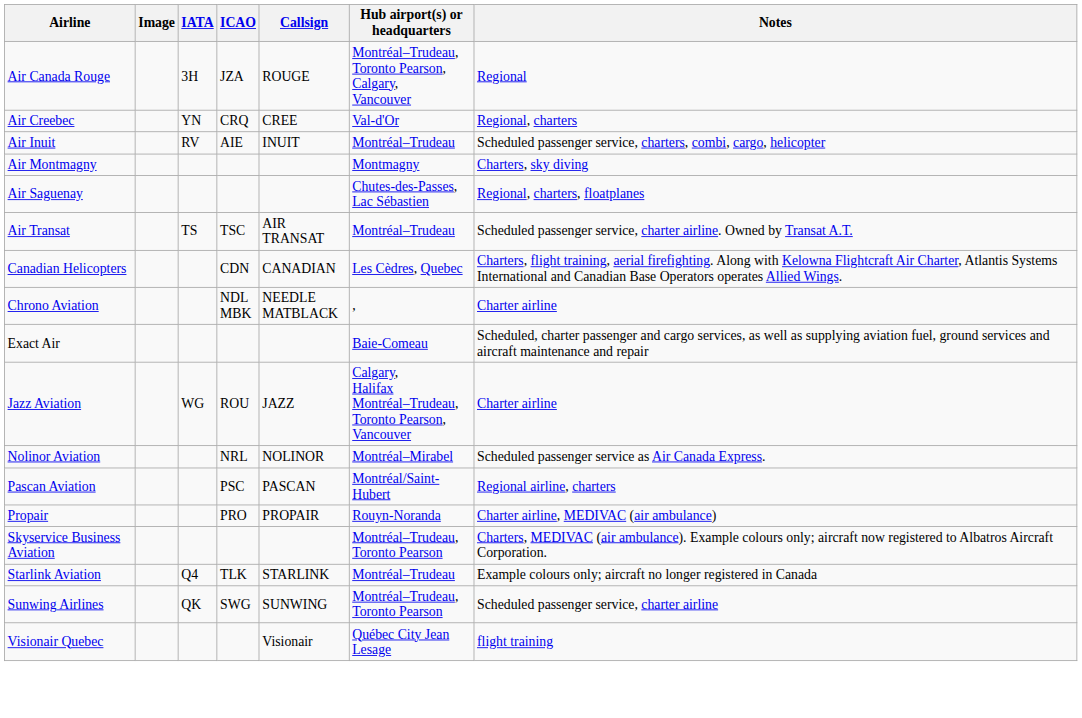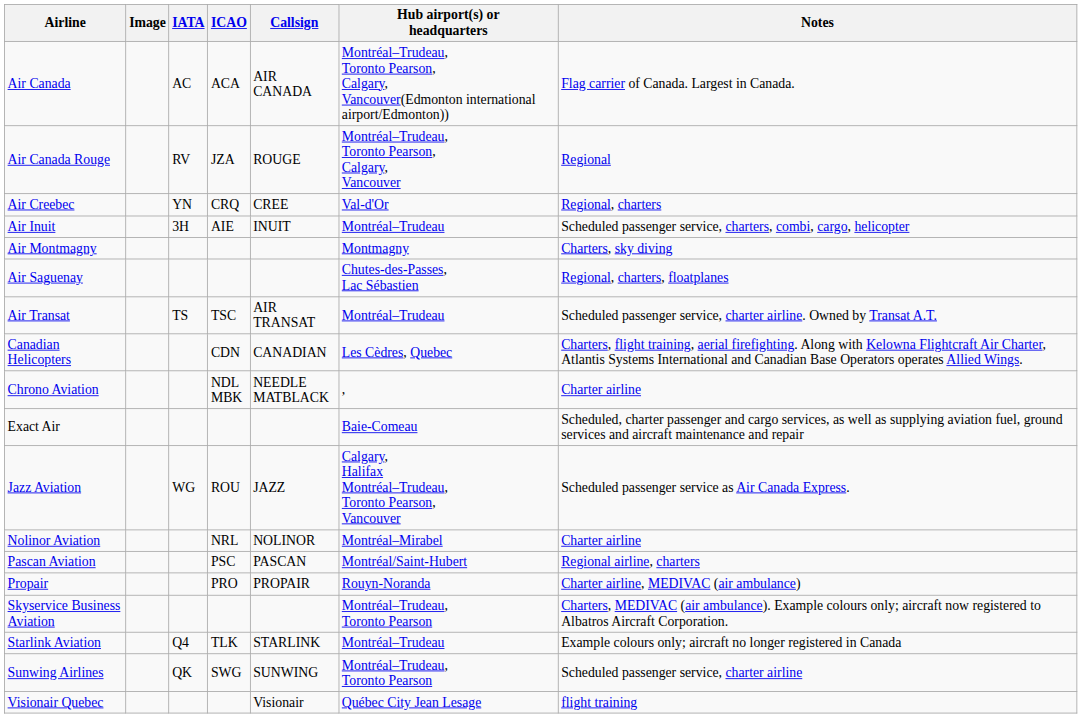 <table class="wikitable sortable" style="border: 0; cellpadding: 2; cellspacing: 3;">
 <tr style="vertical-align:middle;">
 <th>Airline</th>
 <th>Image</th>
 <th><a href='#'>IATA</a></th>
 <th><a href='#'>ICAO</a></th>
 <th><a href='#'>Callsign</a></th>
 <th>Hub airport(s) or<br>headquarters</th>
 <th class="unsortable">Notes</th>
 </tr>
 <tr>
+<td><a href='#'>Air Canada</a></td>
+<td></td>
+<td>AC</td>
+<td>ACA</td>
+<td>AIR CANADA</td>
+<td><a href='#'>Montréal–Trudeau</a>,<br><a href='#'>Toronto Pearson</a>,<br><a href='#'>Calgary</a>,<br><a href='#'>Vancouver</a>(Edmonton international airport/Edmonton))</td>
+<td><a href='#'>Flag carrier</a> of Canada. Largest in Canada.</td>
+</tr>
+<tr>
 <td><a href='#'>Air Canada Rouge</a></td>
 <td></td>
-<td>3H</td>
+<td>RV</td>
 <td>JZA</td>
 <td>ROUGE</td>
 <td><a href='#'>Montréal–Trudeau</a>,<br><a href='#'>Toronto Pearson</a>,<br><a href='#'>Calgary</a>,<br><a href='#'>Vancouver</a></td>
 <td><a href='#'>Regional</a></td>
 </tr>
 <tr>
 <td><a href='#'>Air Creebec</a></td>
 <td></td>
 <td>YN</td>
 <td>CRQ</td>
 <td>CREE</td>
 <td><a href='#'>Val-d'Or</a></td>
 <td><a href='#'>Regional</a>, <a href='#'>charters</a></td>
 </tr>
 <tr>
 <td><a href='#'>Air Inuit</a></td>
 <td></td>
-<td>RV</td>
+<td>3H</td>
 <td>AIE</td>
 <td>INUIT</td>
 <td><a href='#'>Montréal–Trudeau</a></td>
 <td>Scheduled passenger service, <a href='#'>charters</a>, <a href='#'>combi</a>, <a href='#'>cargo</a>, <a href='#'>helicopter</a></td>
 </tr>
 <tr>
 <td><a href='#'>Air Montmagny</a></td>
 <td></td>
 <td></td>
 <td></td>
 <td></td>
 <td><a href='#'>Montmagny</a></td>
 <td><a href='#'>Charters</a>, <a href='#'>sky diving</a></td>
 </tr>
 <tr>
 <td><a href='#'>Air Saguenay</a></td>
 <td></td>
 <td></td>
 <td></td>
 <td></td>
 <td><a href='#'>Chutes-des-Passes</a>,<br><a href='#'>Lac Sébastien</a></td>
 <td><a href='#'>Regional</a>, <a href='#'>charters</a>, <a href='#'>floatplanes</a></td>
 </tr>
 <tr>
 <td><a href='#'>Air Transat</a></td>
 <td></td>
 <td>TS</td>
 <td>TSC</td>
 <td>AIR TRANSAT</td>
 <td><a href='#'>Montréal–Trudeau</a></td>
 <td>Scheduled passenger service, <a href='#'>charter airline</a>. Owned by <a href='#'>Transat A.T.</a></td>
 </tr>
 <tr>
 <td><a href='#'>Canadian Helicopters</a></td>
 <td></td>
 <td></td>
 <td>CDN</td>
 <td>CANADIAN</td>
 <td><a href='#'>Les Cèdres</a>, <a href='#'>Quebec</a></td>
 <td><a href='#'>Charters</a>, <a href='#'>flight training</a>, <a href='#'>aerial firefighting</a>. Along with <a href='#'>Kelowna Flightcraft Air Charter</a>, Atlantis Systems International and Canadian Base Operators operates <a href='#'>Allied Wings</a>.</td>
 </tr>
 <tr>
 <td><a href='#'>Chrono Aviation</a></td>
 <td></td>
 <td></td>
 <td>NDL<br>MBK</td>
 <td>NEEDLE<br>MATBLACK</td>
 <td>,<br></td>
 <td><a href='#'>Charter airline</a></td>
 </tr>
 <tr>
 <td>Exact Air</td>
 <td></td>
 <td></td>
 <td></td>
 <td></td>
 <td><a href='#'>Baie-Comeau</a></td>
 <td>Scheduled, charter passenger and cargo services, as well as supplying aviation fuel, ground services and aircraft maintenance and repair</td>
 </tr>
 <tr>
 <td><a href='#'>Jazz Aviation</a></td>
 <td></td>
 <td>WG</td>
 <td>ROU</td>
 <td>JAZZ</td>
 <td><a href='#'>Calgary</a>,<br><a href='#'>Halifax</a><br><a href='#'>Montréal–Trudeau</a>,<br><a href='#'>Toronto Pearson</a>,<br><a href='#'>Vancouver</a></td>
-<td><a href='#'>Charter airline</a></td>
+<td>Scheduled passenger service as <a href='#'>Air Canada Express</a>.</td>
 </tr>
 <tr>
 <td><a href='#'>Nolinor Aviation</a></td>
 <td></td>
 <td></td>
 <td>NRL</td>
 <td>NOLINOR</td>
 <td><a href='#'>Montréal–Mirabel</a></td>
-<td>Scheduled passenger service as <a href='#'>Air Canada Express</a>.</td>
+<td><a href='#'>Charter airline</a></td>
 </tr>
 <tr>
 <td><a href='#'>Pascan Aviation</a></td>
 <td></td>
 <td></td>
 <td>PSC</td>
 <td>PASCAN</td>
 <td><a href='#'>Montréal/Saint-Hubert</a></td>
 <td><a href='#'>Regional airline</a>, <a href='#'>charters</a></td>
 </tr>
 <tr>
 <td><a href='#'>Propair</a></td>
 <td></td>
 <td></td>
 <td>PRO</td>
 <td>PROPAIR</td>
 <td><a href='#'>Rouyn-Noranda</a></td>
 <td><a href='#'>Charter airline</a>, <a href='#'>MEDIVAC</a> (<a href='#'>air ambulance</a>)</td>
 </tr>
 <tr>
 <td><a href='#'>Skyservice Business Aviation</a></td>
 <td></td>
 <td></td>
 <td></td>
 <td></td>
 <td><a href='#'>Montréal–Trudeau</a>,<br><a href='#'>Toronto Pearson</a></td>
 <td><a href='#'>Charters</a>, <a href='#'>MEDIVAC</a> (<a href='#'>air ambulance</a>). Example colours only; aircraft now registered to Albatros Aircraft Corporation.</td>
 </tr>
 <tr>
 <td><a href='#'>Starlink Aviation</a></td>
 <td></td>
 <td>Q4</td>
 <td>TLK</td>
 <td>STARLINK</td>
 <td><a href='#'>Montréal–Trudeau</a></td>
 <td>Example colours only; aircraft no longer registered in Canada</td>
 </tr>
 <tr>
 <td><a href='#'>Sunwing Airlines</a></td>
 <td></td>
 <td>QK</td>
 <td>SWG</td>
 <td>SUNWING</td>
 <td><a href='#'>Montréal–Trudeau</a>,<br><a href='#'>Toronto Pearson</a></td>
 <td>Scheduled passenger service, <a href='#'>charter airline</a></td>
 </tr>
 <tr>
 <td><a href='#'>Visionair Quebec</a></td>
 <td></td>
 <td></td>
 <td></td>
 <td>Visionair</td>
 <td><a href='#'>Québec City Jean Lesage</a></td>
 <td><a href='#'>flight training</a></td>
 </tr>
 </table>
